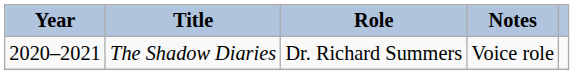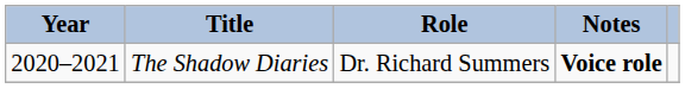 <table class="wikitable">
 <tr>
 <th style="background:#B0C4DE;">Year</th>
 <th style="background:#B0C4DE;">Title</th>
 <th style="background:#B0C4DE;">Role</th>
 <th style="background:#B0C4DE;">Notes</th>
 <th style="background:#B0C4DE;"></th>
 </tr>
 <tr>
 <td>2020–2021</td>
 <td><em>The Shadow Diaries</em></td>
 <td>Dr. Richard Summers</td>
-<td>Voice role</td>
+<td><strong>Voice role</strong></td>
 <td style="text-align:center;"></td>
 </tr>
 <tr>
 </tr>
 </table>
